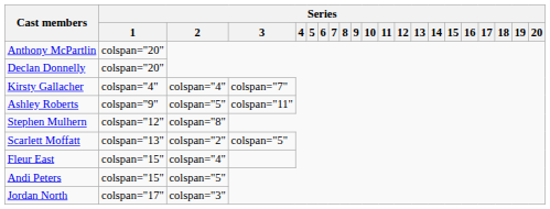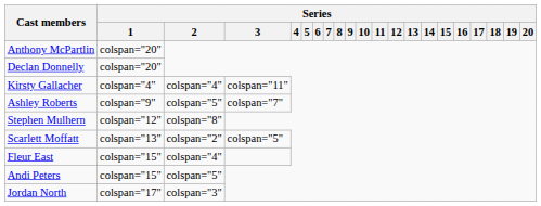 <table class="wikitable">
 <tr>
 <th rowspan="2">Cast members</th>
 <th colspan="20">Series</th>
 </tr>
 <tr>
 <th>1</th>
 <th>2</th>
 <th>3</th>
 <th>4</th>
 <th>5</th>
 <th>6</th>
 <th>7</th>
 <th>8</th>
 <th>9</th>
 <th>10</th>
 <th>11</th>
 <th>12</th>
 <th>13</th>
 <th>14</th>
 <th>15</th>
 <th>16</th>
 <th>17</th>
 <th>18</th>
 <th>19</th>
 <th>20</th>
 </tr>
 <tr>
 <td><a href='#'>Anthony McPartlin</a></td>
 <td>colspan="20" </td>
 </tr>
 <tr>
 <td><a href='#'>Declan Donnelly</a></td>
 <td>colspan="20" </td>
 </tr>
 <tr>
 <td><a href='#'>Kirsty Gallacher</a></td>
 <td>colspan="4" </td>
 <td>colspan="4" </td>
-<td>colspan="7" </td>
+<td>colspan="11" </td>
 </tr>
 <tr>
 <td><a href='#'>Ashley Roberts</a></td>
 <td>colspan="9" </td>
 <td>colspan="5" </td>
-<td>colspan="11" </td>
+<td>colspan="7" </td>
 </tr>
 <tr>
 <td><a href='#'>Stephen Mulhern</a></td>
 <td>colspan="12" </td>
 <td>colspan="8" </td>
 </tr>
 <tr>
 <td><a href='#'>Scarlett Moffatt</a></td>
 <td>colspan="13" </td>
 <td>colspan="2" </td>
 <td>colspan="5" </td>
 </tr>
 <tr>
 <td><a href='#'>Fleur East</a></td>
 <td>colspan="15" </td>
 <td>colspan="4" </td>
 <td></td>
 </tr>
 <tr>
 <td><a href='#'>Andi Peters</a></td>
 <td>colspan="15" </td>
 <td>colspan="5" </td>
 </tr>
 <tr>
 <td><a href='#'>Jordan North</a></td>
 <td>colspan="17" </td>
 <td>colspan="3" </td>
 </tr>
 </table>
